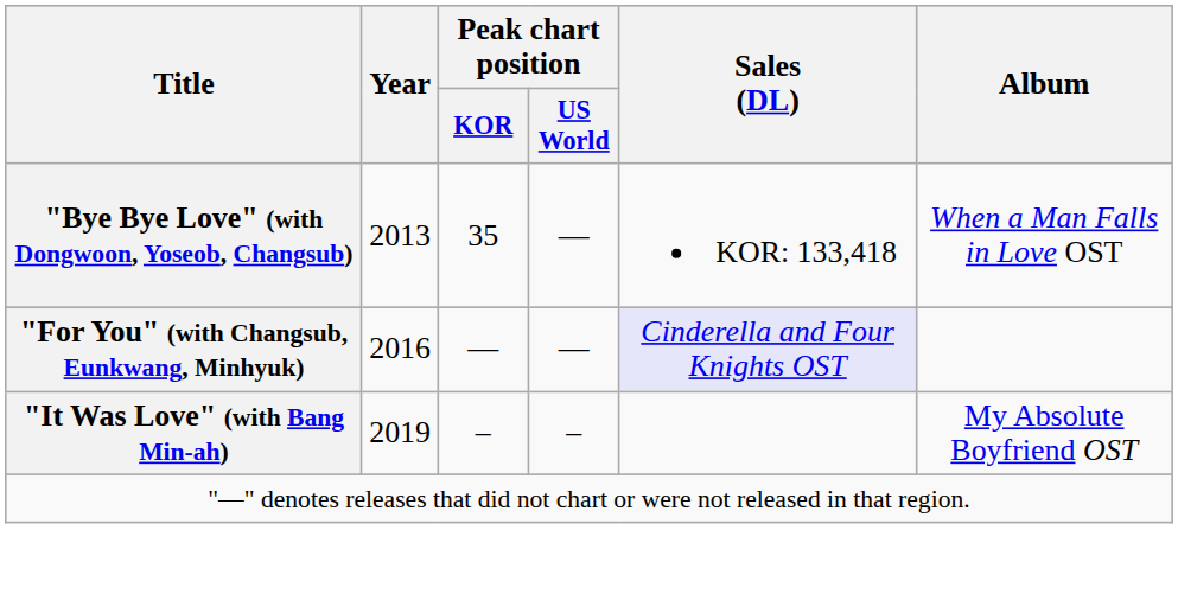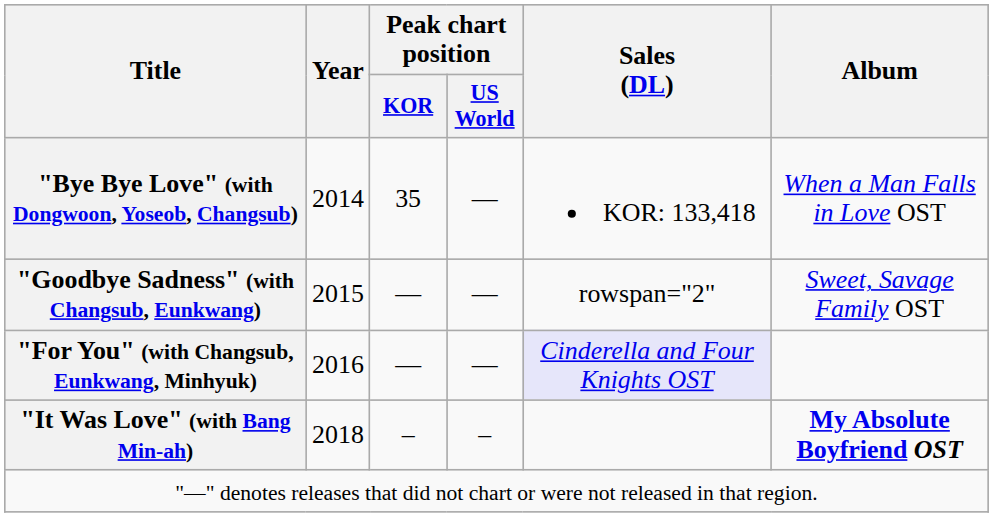 <table class="wikitable plainrowheaders" style="text-align:center;">
 <tr>
 <th rowspan="2">Title</th>
 <th rowspan="2">Year</th>
 <th colspan="2">Peak chart position</th>
 <th rowspan="2">Sales<br>(<a href='#'>DL</a>)</th>
 <th rowspan="2">Album</th>
 </tr>
 <tr>
 <th scope="col" style="width:3em;font-size:85%;"><a href='#'>KOR</a><br></th>
 <th scope="col" style="width:3em;font-size:85%;"><a href='#'>US<br>World</a></th>
 </tr>
 <tr>
 <th scope="row">"Bye Bye Love" <small>(with <a href='#'>Dongwoon</a>, <a href='#'>Yoseob</a>, <a href='#'>Changsub</a>)</small></th>
-<td>2013</td>
+<td>2014</td>
 <td>35</td>
 <td>—</td>
 <td><br><ul><li>KOR: 133,418</li></ul></td>
 <td><em><a href='#'>When a Man Falls in Love</a></em> OST</td>
+</tr>
+<tr>
+<th scope="row">"Goodbye Sadness" <small>(with</small> <small><a href='#'>Changsub</a>, <a href='#'>Eunkwang</a>)</small></th>
+<td>2015</td>
+<td>—</td>
+<td>—</td>
+<td>rowspan="2" </td>
+<td><em><a href='#'>Sweet, Savage Family</a></em> OST</td>
 </tr>
 <tr>
 <th scope="row">"For You" <small>(with  Changsub, <a href='#'>Eunkwang</a>, Minhyuk)</small></th>
 <td>2016</td>
 <td>—</td>
 <td>—</td>
 <td style="background: lavender;"><a href='#'><em>Cinderella and Four Knights OST</em></a></td>
 </tr>
 <tr>
 <th scope="row">"It Was Love" <small>(with <a href='#'>Bang Min-ah</a>)</small></th>
-<td>2019</td>
+<td>2018</td>
 <td>–</td>
 <td>–</td>
 <td></td>
-<td><a href='#'>My Absolute Boyfriend</a><em> OST</td>
+<td><strong><a href='#'>My Absolute Boyfriend</a><em> OST</strong></td>
 </tr>
 <tr>
 <td colspan="6"><small>"—" denotes releases that did not chart or were not released in that region.</small></td>
 </tr>
 </table>
